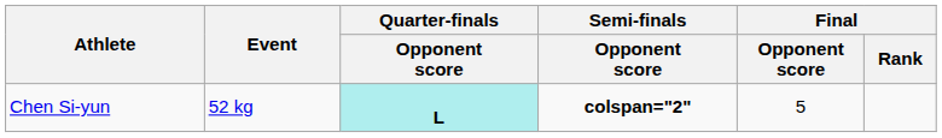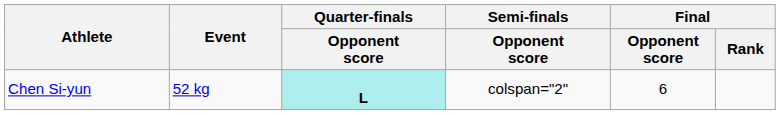 <table class="wikitable" style="font-size:90%; text-align:center">
 <tr>
 <th rowspan="2" width="150">Athlete</th>
 <th rowspan="2" width="100">Event</th>
 <th width="150">Quarter-finals</th>
 <th width="150">Semi-finals</th>
 <th colspan="2" width="150">Final</th>
 </tr>
 <tr>
 <th>Opponent<br>score</th>
 <th>Opponent<br>score</th>
 <th>Opponent<br>score</th>
 <th>Rank</th>
 </tr>
 <tr>
 <td align="left"><a href='#'>Chen Si-yun</a></td>
 <td align="left"><a href='#'>52 kg</a></td>
 <td style="background: paleturquoise;"><br><strong>L</strong> </td>
-<td><strong>colspan="2" </strong></td>
-<td>5</td>
+<td>colspan="2" </td>
+<td>6</td>
 </tr>
 </table>
